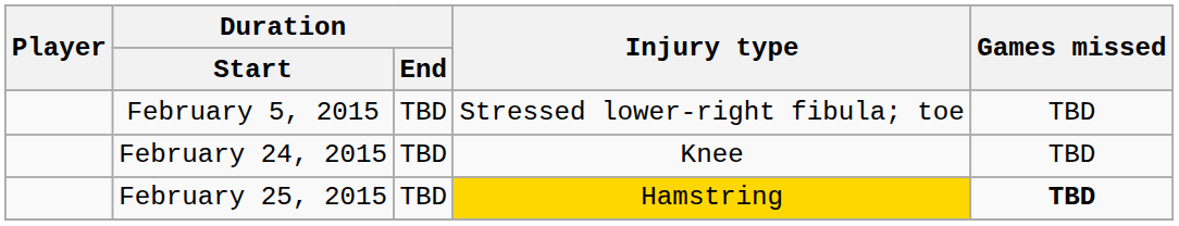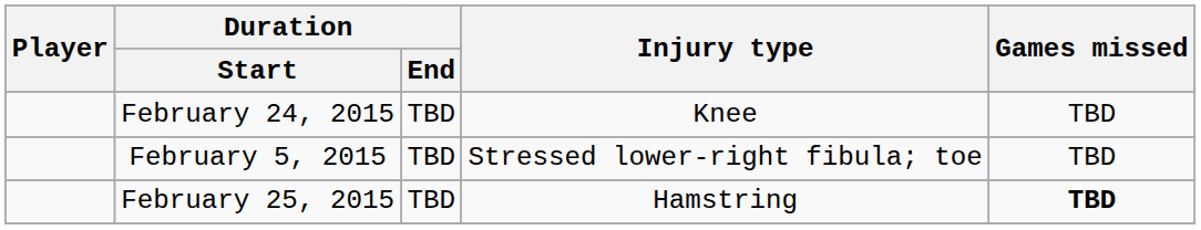 <table class="wikitable sortable" style="text-align:center;">
 <tr>
 <th rowspan="2">Player</th>
 <th colspan="2">Duration</th>
 <th rowspan="2">Injury type</th>
 <th rowspan="2">Games missed</th>
 </tr>
 <tr>
 <th>Start</th>
 <th>End<br></th>
 </tr>
 <tr>
 <td></td>
+<td>February 24, 2015</td>
+<td>TBD</td>
+<td>Knee</td>
+<td>TBD</td>
+</tr>
+<tr>
+<td></td>
 <td>February 5, 2015</td>
 <td>TBD</td>
 <td>Stressed lower-right fibula; toe</td>
 <td>TBD</td>
 </tr>
 <tr>
 <td></td>
-<td>February 24, 2015</td>
-<td>TBD</td>
-<td>Knee</td>
-<td>TBD</td>
-</tr>
-<tr>
-<td></td>
 <td>February 25, 2015</td>
 <td>TBD</td>
-<td style="background: gold;">Hamstring</td>
+<td>Hamstring</td>
 <td><strong>TBD</strong></td>
 </tr>
 <tr>
 </tr>
 </table>
